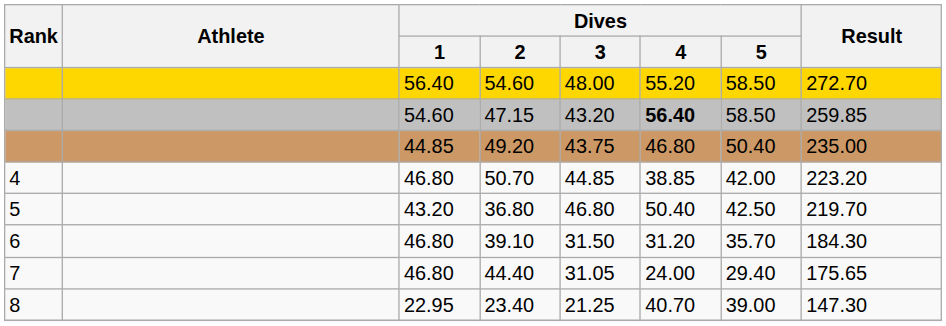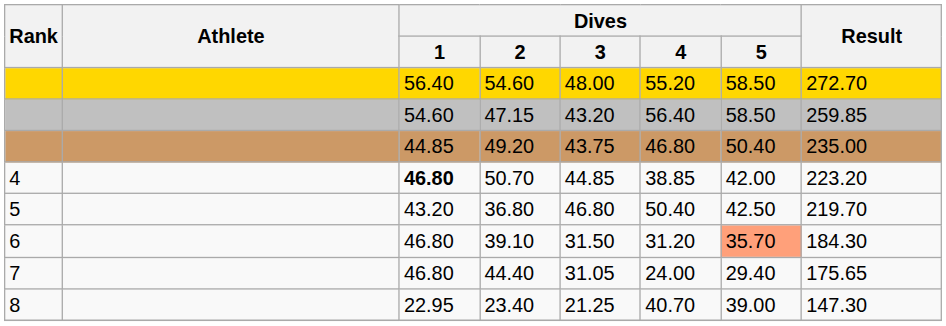 <table class="wikitable" style="font-size:95%" style="width:35em;" style="text-align:center">
 <tr>
 <th rowspan=2>Rank</th>
 <th rowspan=2 width=250>Athlete</th>
 <th colspan=5 width=300>Dives</th>
 <th rowspan=2 width=100>Result</th>
 </tr>
 <tr>
 <th>1</th>
 <th>2</th>
 <th>3</th>
 <th>4</th>
 <th>5</th>
 </tr>
 <tr bgcolor=gold>
 <td></td>
 <td align=left></td>
 <td>56.40</td>
 <td>54.60</td>
 <td>48.00</td>
 <td>55.20</td>
 <td>58.50</td>
 <td>272.70</td>
 </tr>
 <tr bgcolor=silver>
 <td></td>
 <td align=left></td>
 <td>54.60</td>
 <td>47.15</td>
 <td>43.20</td>
-<td><strong>56.40</strong></td>
+<td>56.40</td>
 <td>58.50</td>
 <td>259.85</td>
 </tr>
 <tr bgcolor=cc9966>
 <td></td>
 <td align=left></td>
 <td>44.85</td>
 <td>49.20</td>
 <td>43.75</td>
 <td>46.80</td>
 <td>50.40</td>
 <td>235.00</td>
 </tr>
 <tr>
 <td>4</td>
 <td align=left></td>
-<td>46.80</td>
+<td><strong>46.80</strong></td>
 <td>50.70</td>
 <td>44.85</td>
 <td>38.85</td>
 <td>42.00</td>
 <td>223.20</td>
 </tr>
 <tr>
 <td>5</td>
 <td align=left></td>
 <td>43.20</td>
 <td>36.80</td>
 <td>46.80</td>
 <td>50.40</td>
 <td>42.50</td>
 <td>219.70</td>
 </tr>
 <tr>
 <td>6</td>
 <td align=left></td>
 <td>46.80</td>
 <td>39.10</td>
 <td>31.50</td>
 <td>31.20</td>
-<td>35.70</td>
+<td style="background: lightsalmon;">35.70</td>
 <td>184.30</td>
 </tr>
 <tr>
 <td>7</td>
 <td align=left></td>
 <td>46.80</td>
 <td>44.40</td>
 <td>31.05</td>
 <td>24.00</td>
 <td>29.40</td>
 <td>175.65</td>
 </tr>
 <tr>
 <td>8</td>
 <td align=left></td>
 <td>22.95</td>
 <td>23.40</td>
 <td>21.25</td>
 <td>40.70</td>
 <td>39.00</td>
 <td>147.30</td>
 </tr>
 <tr>
 </tr>
 </table>
